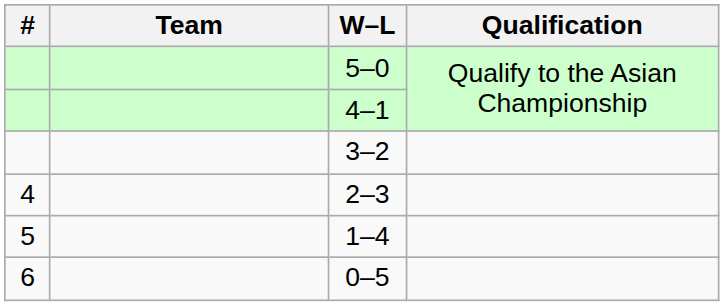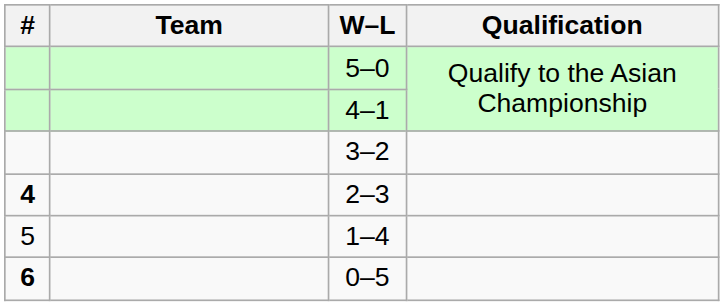 <table class=wikitable style="text-align:center;">
 <tr>
 <th width=20px>#</th>
 <th width=160px>Team</th>
 <th width=40px>W–L</th>
 <th width=180px>Qualification</th>
 </tr>
 <tr bgcolor=#CCFFCC>
 <td></td>
 <td align=left></td>
 <td>5–0</td>
 <td rowspan=2>Qualify to the Asian Championship</td>
 </tr>
 <tr bgcolor=#CCFFCC>
 <td></td>
 <td align=left></td>
 <td>4–1</td>
 </tr>
 <tr>
 <td></td>
 <td align=left></td>
 <td>3–2</td>
 <td></td>
 </tr>
 <tr>
-<td>4</td>
+<td><strong>4</strong></td>
 <td align=left></td>
 <td>2–3</td>
 <td></td>
 </tr>
 <tr>
 <td>5</td>
 <td align=left></td>
 <td>1–4</td>
 <td></td>
 </tr>
 <tr>
-<td>6</td>
+<td><strong>6</strong></td>
 <td align=left></td>
 <td>0–5</td>
 <td></td>
 </tr>
 </table>
